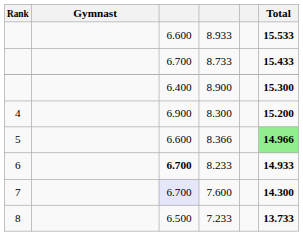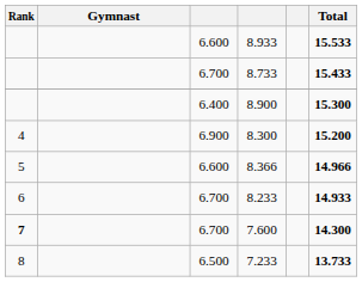 <table style="text-align:center;" class="wikitable sortable">
 <tr>
 <th scope="col" style="width:15px;"><small>Rank</small></th>
 <th scope="col" style="width:175px;">Gymnast</th>
 <th scope="col" style="width:50px;"><small></small></th>
 <th scope="col" style="width:50px;"><small></small></th>
 <th scope="col" style="width:20px;"><small></small></th>
 <th scope="col" style="width:50px;">Total</th>
 </tr>
 <tr>
 <td scope="row" style="text-align:center"></td>
 <td style="height:30px; text-align:left;"></td>
 <td>6.600</td>
 <td>8.933</td>
 <td></td>
 <td><strong>15.533</strong></td>
 </tr>
 <tr>
 <td scope="row" style="text-align:center"></td>
 <td style="height:30px; text-align:left;"></td>
 <td>6.700</td>
 <td>8.733</td>
 <td></td>
 <td><strong>15.433</strong></td>
 </tr>
 <tr>
 </tr>
 <tr>
 <td scope="row" style="text-align:center"></td>
 <td style="height:30px; text-align:left;"></td>
 <td>6.400</td>
 <td>8.900</td>
 <td></td>
 <td><strong>15.300</strong></td>
 </tr>
 <tr>
 <td scope="row" style="text-align:center">4</td>
 <td style="height:30px; text-align:left;"></td>
 <td>6.900</td>
 <td>8.300</td>
 <td></td>
 <td><strong>15.200</strong></td>
 </tr>
 <tr>
 <td scope="row" style="text-align:center">5</td>
 <td style="height:30px; text-align:left;"></td>
 <td>6.600</td>
 <td>8.366</td>
 <td></td>
-<td style="background: lightgreen;"><strong>14.966</strong></td>
+<td><strong>14.966</strong></td>
 </tr>
 <tr>
 <td scope="row" style="text-align:center">6</td>
 <td style="height:30px; text-align:left;"></td>
-<td><strong>6.700</strong></td>
+<td>6.700</td>
 <td>8.233</td>
 <td></td>
 <td><strong>14.933</strong></td>
 </tr>
 <tr>
-<td scope="row" style="text-align:center">7</td>
+<td scope="row" style="text-align:center"><strong>7</strong></td>
 <td style="height:30px; text-align:left;"></td>
-<td style="background: lavender;">6.700</td>
+<td>6.700</td>
 <td>7.600</td>
 <td></td>
 <td><strong>14.300</strong></td>
 </tr>
 <tr>
 <td scope="row" style="text-align:center">8</td>
 <td style="height:30px; text-align:left;"></td>
 <td>6.500</td>
 <td>7.233</td>
 <td></td>
 <td><strong>13.733</strong></td>
 </tr>
 </table>
